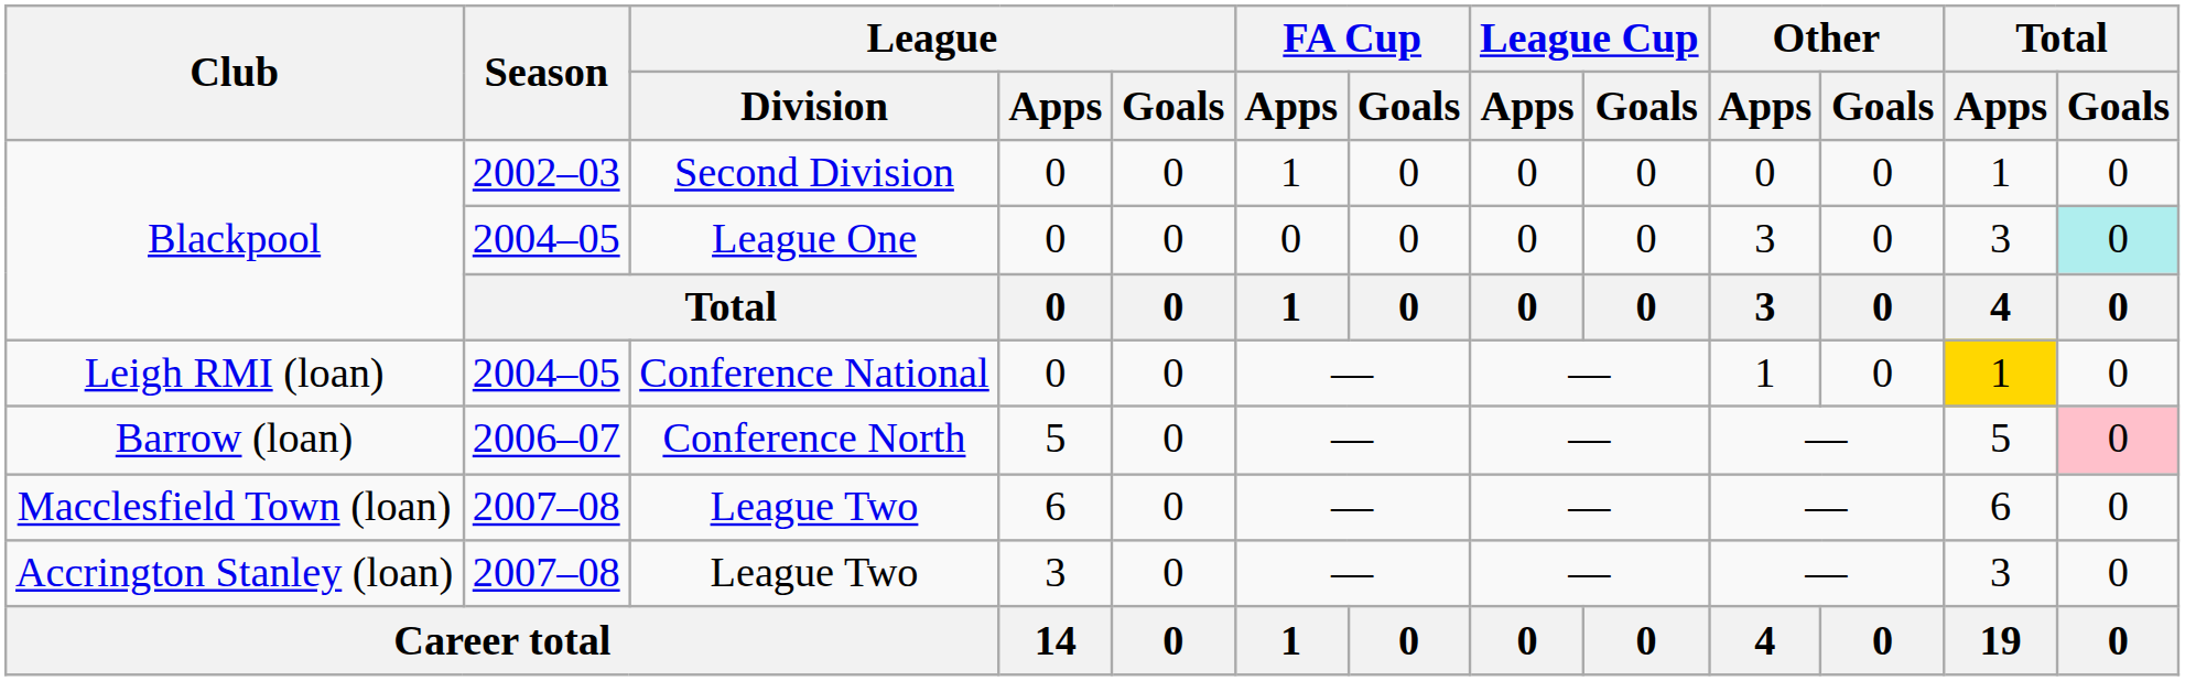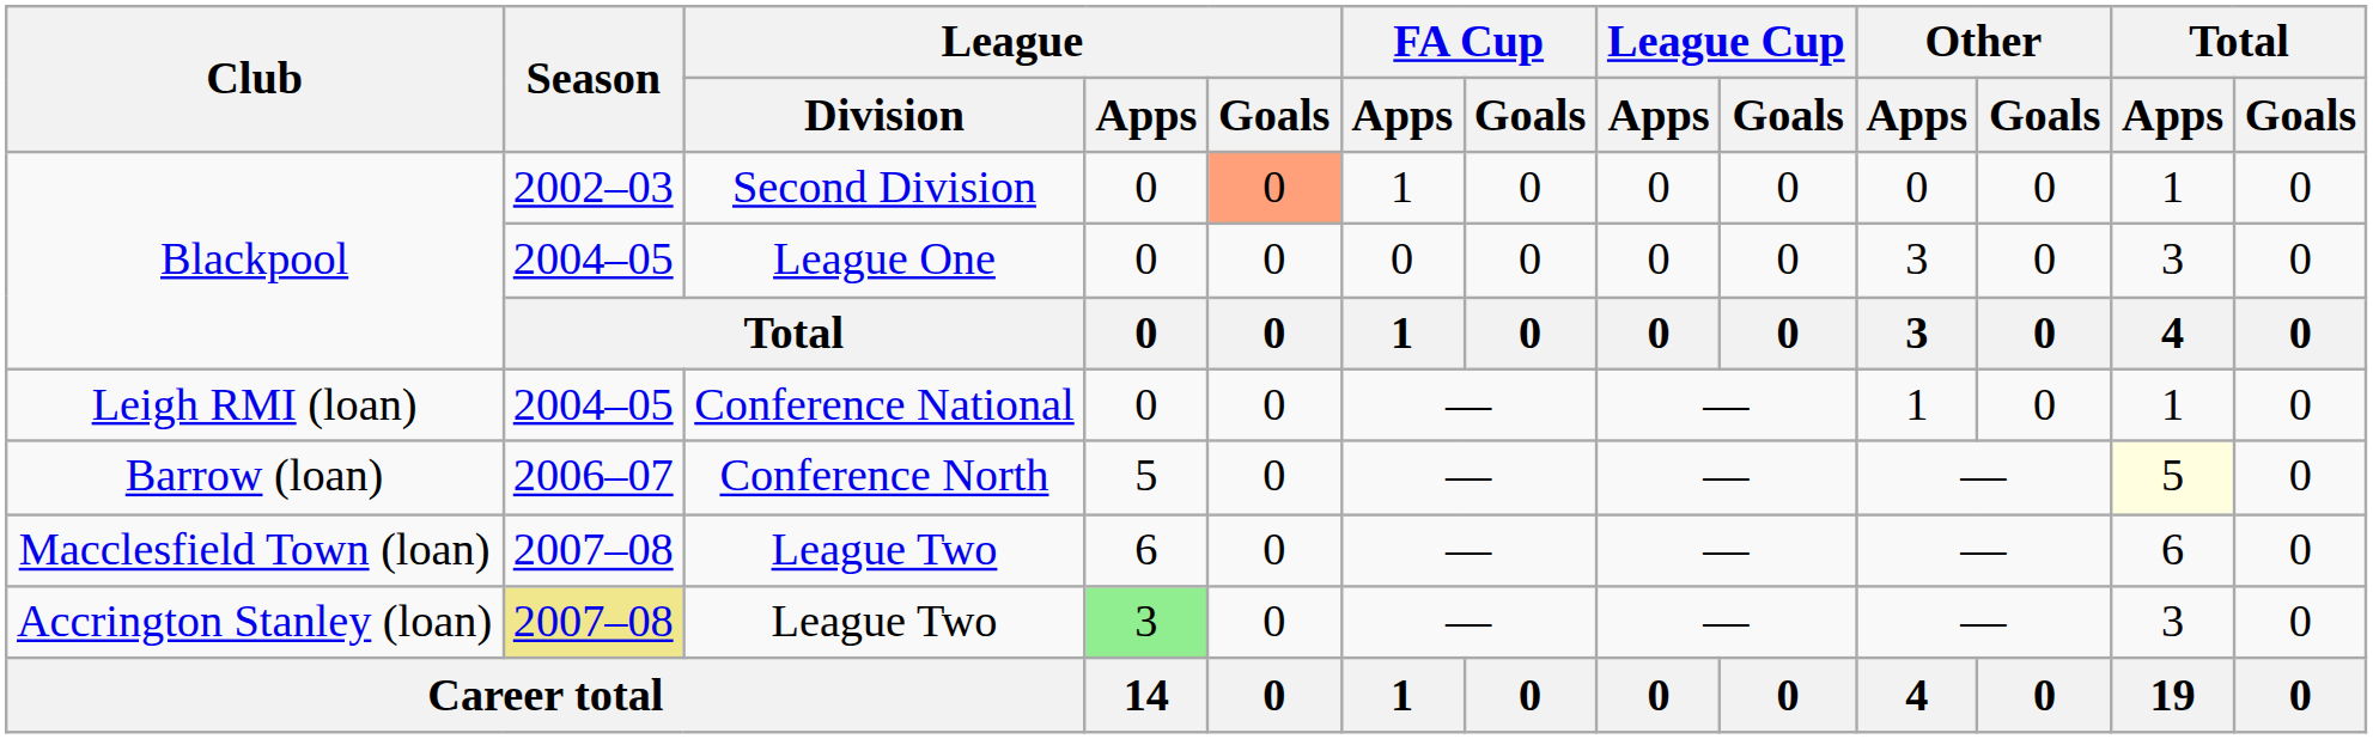 <table class="wikitable" style="text-align: center;">
 <tr>
 <th rowspan="2">Club</th>
 <th rowspan="2">Season</th>
 <th colspan="3">League</th>
 <th colspan="2"><a href='#'>FA Cup</a></th>
 <th colspan="2"><a href='#'>League Cup</a></th>
 <th colspan="2">Other</th>
 <th colspan="2">Total</th>
 </tr>
 <tr>
 <th>Division</th>
 <th>Apps</th>
 <th>Goals</th>
 <th>Apps</th>
 <th>Goals</th>
 <th>Apps</th>
 <th>Goals</th>
 <th>Apps</th>
 <th>Goals</th>
 <th>Apps</th>
 <th>Goals</th>
 </tr>
 <tr>
 <td rowspan="3"><a href='#'>Blackpool</a></td>
 <td><a href='#'>2002–03</a></td>
 <td><a href='#'>Second Division</a></td>
 <td>0</td>
-<td>0</td>
+<td style="background: lightsalmon;">0</td>
 <td>1</td>
 <td>0</td>
 <td>0</td>
 <td>0</td>
 <td>0</td>
 <td>0</td>
 <td>1</td>
 <td>0</td>
 </tr>
 <tr>
 <td><a href='#'>2004–05</a></td>
 <td><a href='#'>League One</a></td>
 <td>0</td>
 <td>0</td>
 <td>0</td>
 <td>0</td>
 <td>0</td>
 <td>0</td>
 <td>3</td>
 <td>0</td>
 <td>3</td>
-<td style="background: paleturquoise;">0</td>
+<td>0</td>
 </tr>
 <tr>
 <th colspan="2">Total</th>
 <th>0</th>
 <th>0</th>
 <th>1</th>
 <th>0</th>
 <th>0</th>
 <th>0</th>
 <th>3</th>
 <th>0</th>
 <th>4</th>
 <th>0</th>
 </tr>
 <tr>
 <td><a href='#'>Leigh RMI</a> (loan)</td>
 <td><a href='#'>2004–05</a></td>
 <td><a href='#'>Conference National</a></td>
 <td>0</td>
 <td>0</td>
 <td colspan="2">—</td>
 <td colspan="2">—</td>
 <td>1</td>
 <td>0</td>
-<td style="background: gold;">1</td>
+<td>1</td>
 <td>0</td>
 </tr>
 <tr>
 <td><a href='#'>Barrow</a> (loan)</td>
 <td><a href='#'>2006–07</a></td>
 <td><a href='#'>Conference North</a></td>
 <td>5</td>
 <td>0</td>
 <td colspan="2">—</td>
 <td colspan="2">—</td>
 <td colspan="2">—</td>
-<td>5</td>
-<td style="background: pink;">0</td>
+<td style="background: lightyellow;">5</td>
+<td>0</td>
 </tr>
 <tr>
 <td><a href='#'>Macclesfield Town</a> (loan)</td>
 <td><a href='#'>2007–08</a></td>
 <td><a href='#'>League Two</a></td>
 <td>6</td>
 <td>0</td>
 <td colspan="2">—</td>
 <td colspan="2">—</td>
 <td colspan="2">—</td>
 <td>6</td>
 <td>0</td>
 </tr>
 <tr>
 <td><a href='#'>Accrington Stanley</a> (loan)</td>
-<td><a href='#'>2007–08</a></td>
+<td style="background: khaki;"><a href='#'>2007–08</a></td>
 <td>League Two</td>
-<td>3</td>
+<td style="background: lightgreen;">3</td>
 <td>0</td>
 <td colspan="2">—</td>
 <td colspan="2">—</td>
 <td colspan="2">—</td>
 <td>3</td>
 <td>0</td>
 </tr>
 <tr>
 <th colspan="3">Career total</th>
 <th>14</th>
 <th>0</th>
 <th>1</th>
 <th>0</th>
 <th>0</th>
 <th>0</th>
 <th>4</th>
 <th>0</th>
 <th>19</th>
 <th>0</th>
 </tr>
 </table>
